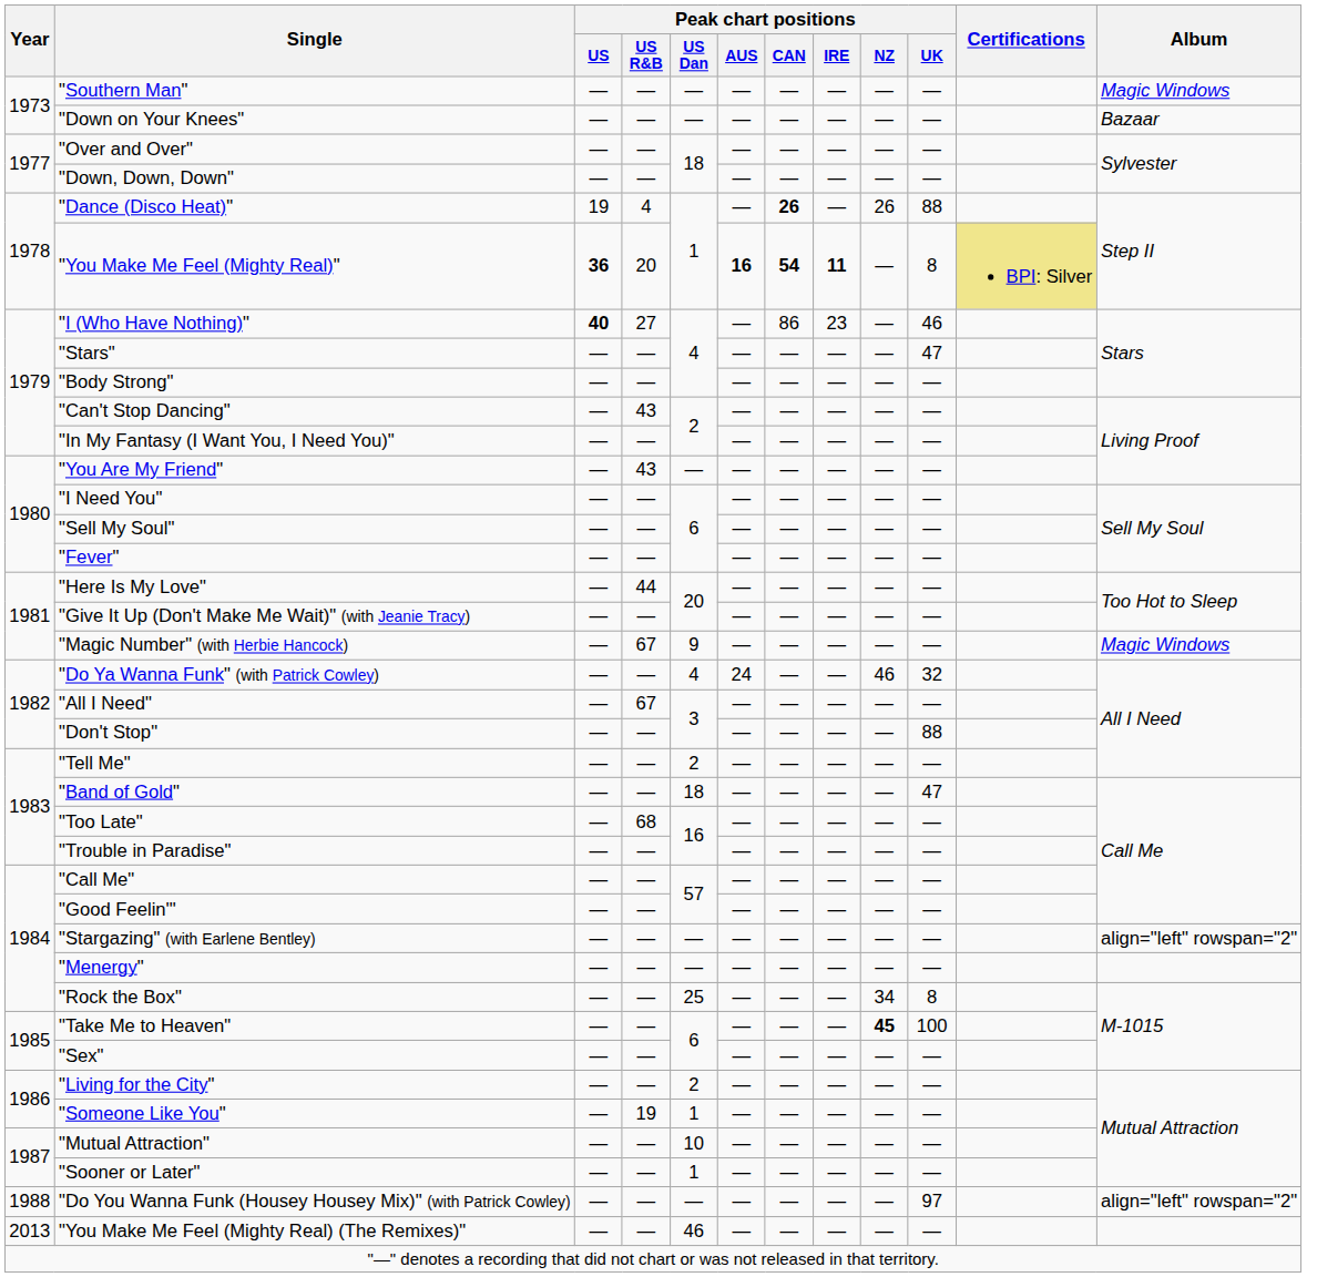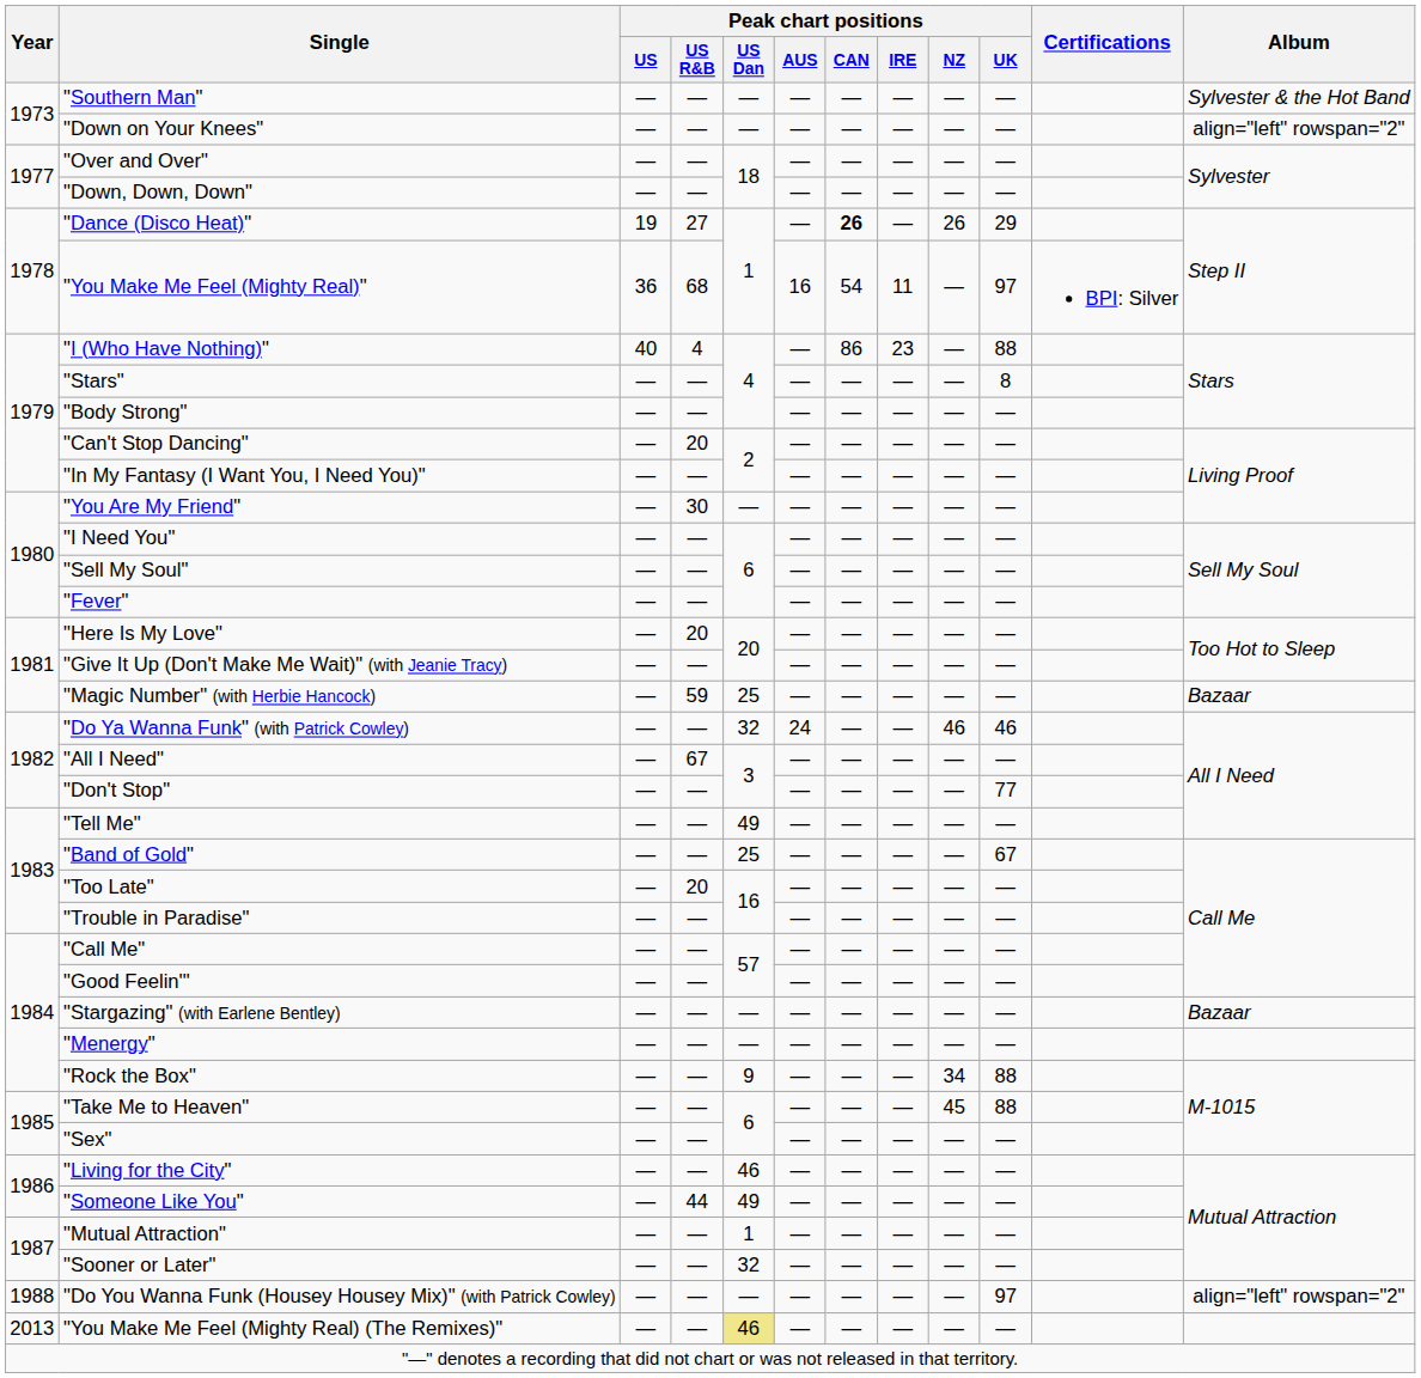 <table class="wikitable" style="text-align:center;">
 <tr>
 <th rowspan="2">Year</th>
 <th rowspan="2">Single</th>
 <th colspan="8">Peak chart positions</th>
 <th rowspan="2"><a href='#'>Certifications</a></th>
 <th rowspan="2">Album</th>
 </tr>
 <tr style="font-size:smaller;">
 <th width="35"><a href='#'>US</a><br></th>
 <th width="35"><a href='#'>US R&B</a><br></th>
 <th width="35"><a href='#'>US Dan</a><br></th>
 <th width="35"><a href='#'>AUS</a><br></th>
 <th width="35"><a href='#'>CAN</a><br></th>
 <th width="35"><a href='#'>IRE</a><br></th>
 <th width="35"><a href='#'>NZ</a><br></th>
 <th width="35"><a href='#'>UK</a><br></th>
 </tr>
 <tr>
 <td rowspan="2">1973</td>
 <td align="left">"<a href='#'>Southern Man</a>"</td>
 <td>—</td>
 <td>—</td>
 <td>—</td>
 <td>—</td>
 <td>—</td>
 <td>—</td>
 <td>—</td>
 <td>—</td>
 <td align=left></td>
-<td align="left" rowspan="1"><em><a href='#'>Magic Windows</a></em></td>
+<td align="left" rowspan="1"><em>Sylvester & the Hot Band</em></td>
 </tr>
 <tr>
 <td align="left">"Down on Your Knees"</td>
 <td>—</td>
 <td>—</td>
 <td>—</td>
 <td>—</td>
 <td>—</td>
 <td>—</td>
 <td>—</td>
 <td>—</td>
 <td align=left></td>
-<td align="left" rowspan="1"><em>Bazaar</em></td>
+<td>align="left" rowspan="2" </td>
 </tr>
 <tr>
 <td rowspan="2">1977</td>
 <td align="left">"Over and Over"</td>
 <td>—</td>
 <td>—</td>
 <td rowspan="2">18</td>
 <td>—</td>
 <td>—</td>
 <td>—</td>
 <td>—</td>
 <td>—</td>
 <td align=left></td>
 <td align="left" rowspan="2"><em>Sylvester</em></td>
 </tr>
 <tr>
 <td align="left">"Down, Down, Down"</td>
 <td>—</td>
 <td>—</td>
 <td>—</td>
 <td>—</td>
 <td>—</td>
 <td>—</td>
 <td>—</td>
 <td align=left></td>
 </tr>
 <tr>
 <td rowspan="2">1978</td>
 <td align="left">"<a href='#'>Dance (Disco Heat)</a>"</td>
 <td>19</td>
-<td>4</td>
+<td>27</td>
 <td rowspan="2">1</td>
 <td>—</td>
 <td><strong>26</strong></td>
 <td>—</td>
 <td>26</td>
-<td>88</td>
+<td>29</td>
 <td align=left></td>
 <td align="left" rowspan="2"><em>Step II</em></td>
 </tr>
 <tr>
 <td align="left">"<a href='#'>You Make Me Feel (Mighty Real)</a>"</td>
-<td><strong>36</strong></td>
-<td>20</td>
-<td><strong>16</strong></td>
-<td><strong>54</strong></td>
-<td><strong>11</strong></td>
+<td>36</td>
+<td>68</td>
+<td>16</td>
+<td>54</td>
+<td>11</td>
 <td>—</td>
-<td>8</td>
-<td align=left style="background: khaki;"><br><ul><li><a href='#'>BPI</a>: Silver</li></ul></td>
+<td>97</td>
+<td align=left><br><ul><li><a href='#'>BPI</a>: Silver</li></ul></td>
 </tr>
 <tr>
 <td rowspan="5">1979</td>
 <td align="left">"<a href='#'>I (Who Have Nothing)</a>"</td>
-<td><strong>40</strong></td>
-<td>27</td>
+<td>40</td>
+<td>4</td>
 <td rowspan="3">4</td>
 <td>—</td>
 <td>86</td>
 <td>23</td>
 <td>—</td>
-<td>46</td>
+<td>88</td>
 <td align=left></td>
 <td align="left" rowspan="3"><em>Stars</em></td>
 </tr>
 <tr>
 <td align="left">"Stars"</td>
 <td>—</td>
 <td>—</td>
 <td>—</td>
 <td>—</td>
 <td>—</td>
 <td>—</td>
-<td>47</td>
+<td>8</td>
 <td align=left></td>
 </tr>
 <tr>
 <td align="left">"Body Strong"</td>
 <td>—</td>
 <td>—</td>
 <td>—</td>
 <td>—</td>
 <td>—</td>
 <td>—</td>
 <td>—</td>
 <td align=left></td>
 </tr>
 <tr>
 <td align="left">"Can't Stop Dancing"</td>
 <td>—</td>
-<td>43</td>
+<td>20</td>
 <td rowspan="2">2</td>
 <td>—</td>
 <td>—</td>
 <td>—</td>
 <td>—</td>
 <td>—</td>
 <td align=left></td>
 <td align="left" rowspan="3"><em>Living Proof</em></td>
 </tr>
 <tr>
 <td align="left">"In My Fantasy (I Want You, I Need You)"</td>
 <td>—</td>
 <td>—</td>
 <td>—</td>
 <td>—</td>
 <td>—</td>
 <td>—</td>
 <td>—</td>
 <td align=left></td>
 </tr>
 <tr>
 <td rowspan="4">1980</td>
 <td align="left">"<a href='#'>You Are My Friend</a>"</td>
 <td>—</td>
-<td>43</td>
+<td>30</td>
 <td>—</td>
 <td>—</td>
 <td>—</td>
 <td>—</td>
 <td>—</td>
 <td>—</td>
 <td align=left></td>
 </tr>
 <tr>
 <td align="left">"I Need You"</td>
 <td>—</td>
 <td>—</td>
 <td rowspan="3">6</td>
 <td>—</td>
 <td>—</td>
 <td>—</td>
 <td>—</td>
 <td>—</td>
 <td align=left></td>
 <td align="left" rowspan="3"><em>Sell My Soul</em></td>
 </tr>
 <tr>
 <td align="left">"Sell My Soul"</td>
 <td>—</td>
 <td>—</td>
 <td>—</td>
 <td>—</td>
 <td>—</td>
 <td>—</td>
 <td>—</td>
 <td align=left></td>
 </tr>
 <tr>
 <td align="left">"<a href='#'>Fever</a>"</td>
 <td>—</td>
 <td>—</td>
 <td>—</td>
 <td>—</td>
 <td>—</td>
 <td>—</td>
 <td>—</td>
 <td align=left></td>
 </tr>
 <tr>
 <td rowspan="3">1981</td>
 <td align="left">"Here Is My Love"</td>
 <td>—</td>
-<td>44</td>
+<td>20</td>
 <td rowspan="2">20</td>
 <td>—</td>
 <td>—</td>
 <td>—</td>
 <td>—</td>
 <td>—</td>
 <td align=left></td>
 <td align="left" rowspan="2"><em>Too Hot to Sleep</em></td>
 </tr>
 <tr>
 <td align="left">"Give It Up (Don't Make Me Wait)" <small>(with <a href='#'>Jeanie Tracy</a>)</small></td>
 <td>—</td>
 <td>—</td>
 <td>—</td>
 <td>—</td>
 <td>—</td>
 <td>—</td>
 <td>—</td>
 <td align=left></td>
 </tr>
 <tr>
 <td align="left">"Magic Number" <small>(with <a href='#'>Herbie Hancock</a>)</small></td>
 <td>—</td>
-<td>67</td>
-<td>9</td>
+<td>59</td>
+<td>25</td>
 <td>—</td>
 <td>—</td>
 <td>—</td>
 <td>—</td>
 <td>—</td>
 <td align=left></td>
-<td align="left" rowspan="1"><em><a href='#'>Magic Windows</a></em></td>
+<td align="left" rowspan="1"><em>Bazaar</em></td>
 </tr>
 <tr>
 <td rowspan="3">1982</td>
 <td align="left">"<a href='#'>Do Ya Wanna Funk</a>" <small>(with <a href='#'>Patrick Cowley</a>)</small></td>
 <td>—</td>
 <td>—</td>
-<td>4</td>
+<td>32</td>
 <td>24</td>
 <td>—</td>
 <td>—</td>
 <td>46</td>
-<td>32</td>
+<td>46</td>
 <td align=left></td>
 <td align="left" rowspan="4"><em>All I Need</em></td>
 </tr>
 <tr>
 <td align="left">"All I Need"</td>
 <td>—</td>
 <td>67</td>
 <td rowspan="2">3</td>
 <td>—</td>
 <td>—</td>
 <td>—</td>
 <td>—</td>
 <td>—</td>
 <td align=left></td>
 </tr>
 <tr>
 <td align="left">"Don't Stop"</td>
 <td>—</td>
 <td>—</td>
 <td>—</td>
 <td>—</td>
 <td>—</td>
 <td>—</td>
-<td>88</td>
+<td>77</td>
 <td align=left></td>
 </tr>
 <tr>
 <td rowspan="4">1983</td>
 <td align="left">"Tell Me"</td>
 <td>—</td>
 <td>—</td>
-<td>2</td>
+<td>49</td>
 <td>—</td>
 <td>—</td>
 <td>—</td>
 <td>—</td>
 <td>—</td>
 <td align=left></td>
 </tr>
 <tr>
 <td align="left">"<a href='#'>Band of Gold</a>"</td>
 <td>—</td>
 <td>—</td>
-<td>18</td>
+<td>25</td>
 <td>—</td>
 <td>—</td>
 <td>—</td>
 <td>—</td>
-<td>47</td>
+<td>67</td>
 <td align=left></td>
 <td align="left" rowspan="5"><em>Call Me</em></td>
 </tr>
 <tr>
 <td align="left">"Too Late"</td>
 <td>—</td>
-<td>68</td>
+<td>20</td>
 <td rowspan="2">16</td>
 <td>—</td>
 <td>—</td>
 <td>—</td>
 <td>—</td>
 <td>—</td>
 <td align=left></td>
 </tr>
 <tr>
 <td align="left">"Trouble in Paradise"</td>
 <td>—</td>
 <td>—</td>
 <td>—</td>
 <td>—</td>
 <td>—</td>
 <td>—</td>
 <td>—</td>
 <td align=left></td>
 </tr>
 <tr>
 <td rowspan="5">1984</td>
 <td align="left">"Call Me"</td>
 <td>—</td>
 <td>—</td>
 <td rowspan="2">57</td>
 <td>—</td>
 <td>—</td>
 <td>—</td>
 <td>—</td>
 <td>—</td>
 <td align=left></td>
 </tr>
 <tr>
 <td align="left">"Good Feelin'"</td>
 <td>—</td>
 <td>—</td>
 <td>—</td>
 <td>—</td>
 <td>—</td>
 <td>—</td>
 <td>—</td>
 <td align=left></td>
 </tr>
 <tr>
 <td align="left">"Stargazing" <small>(with Earlene Bentley)</small></td>
 <td>—</td>
 <td>—</td>
 <td>—</td>
 <td>—</td>
 <td>—</td>
 <td>—</td>
 <td>—</td>
 <td>—</td>
 <td align=left></td>
-<td>align="left" rowspan="2" </td>
+<td align="left" rowspan="1"><em>Bazaar</em></td>
 </tr>
 <tr>
 <td align="left">"<a href='#'>Menergy</a>"</td>
 <td>—</td>
 <td>—</td>
 <td>—</td>
 <td>—</td>
 <td>—</td>
 <td>—</td>
 <td>—</td>
 <td>—</td>
 <td align=left></td>
 </tr>
 <tr>
 <td align="left">"Rock the Box"</td>
 <td>—</td>
 <td>—</td>
-<td>25</td>
+<td>9</td>
 <td>—</td>
 <td>—</td>
 <td>—</td>
 <td>34</td>
-<td>8</td>
+<td>88</td>
 <td align=left></td>
 <td align="left" rowspan="3"><em>M-1015</em></td>
 </tr>
 <tr>
 <td rowspan="2">1985</td>
 <td align="left">"Take Me to Heaven"</td>
 <td>—</td>
 <td>—</td>
 <td rowspan="2">6</td>
 <td>—</td>
 <td>—</td>
 <td>—</td>
-<td><strong>45</strong></td>
-<td>100</td>
+<td>45</td>
+<td>88</td>
 <td align=left></td>
 </tr>
 <tr>
 <td align="left">"Sex"</td>
 <td>—</td>
 <td>—</td>
 <td>—</td>
 <td>—</td>
 <td>—</td>
 <td>—</td>
 <td>—</td>
 <td align=left></td>
 </tr>
 <tr>
 <td rowspan="2">1986</td>
 <td align="left">"<a href='#'>Living for the City</a>"</td>
 <td>—</td>
 <td>—</td>
-<td>2</td>
+<td>46</td>
 <td>—</td>
 <td>—</td>
 <td>—</td>
 <td>—</td>
 <td>—</td>
 <td align=left></td>
 <td align="left" rowspan="4"><em>Mutual Attraction</em></td>
 </tr>
 <tr>
 <td align="left">"<a href='#'>Someone Like You</a>"</td>
 <td>—</td>
-<td>19</td>
-<td>1</td>
+<td>44</td>
+<td>49</td>
 <td>—</td>
 <td>—</td>
 <td>—</td>
 <td>—</td>
 <td>—</td>
 <td align=left></td>
 </tr>
 <tr>
 <td rowspan="2">1987</td>
 <td align="left">"Mutual Attraction"</td>
 <td>—</td>
 <td>—</td>
-<td>10</td>
+<td>1</td>
 <td>—</td>
 <td>—</td>
 <td>—</td>
 <td>—</td>
 <td>—</td>
 <td align=left></td>
 </tr>
 <tr>
 <td align="left">"Sooner or Later"</td>
 <td>—</td>
 <td>—</td>
-<td>1</td>
+<td>32</td>
 <td>—</td>
 <td>—</td>
 <td>—</td>
 <td>—</td>
 <td>—</td>
 <td align=left></td>
 </tr>
 <tr>
 <td rowspan="1">1988</td>
 <td align="left">"Do You Wanna Funk (Housey Housey Mix)" <small>(with Patrick Cowley)</small></td>
 <td>—</td>
 <td>—</td>
 <td>—</td>
 <td>—</td>
 <td>—</td>
 <td>—</td>
 <td>—</td>
 <td>97</td>
 <td align=left></td>
 <td>align="left" rowspan="2" </td>
 </tr>
 <tr>
 <td rowspan="1">2013</td>
 <td align="left">"You Make Me Feel (Mighty Real) (The Remixes)"</td>
 <td>—</td>
 <td>—</td>
-<td>46</td>
+<td style="background: khaki;">46</td>
 <td>—</td>
 <td>—</td>
 <td>—</td>
 <td>—</td>
 <td>—</td>
 <td align=left></td>
 </tr>
 <tr>
 <td colspan="15" style="font-size:90%">"—" denotes a recording that did not chart or was not released in that territory.</td>
 </tr>
 </table>
